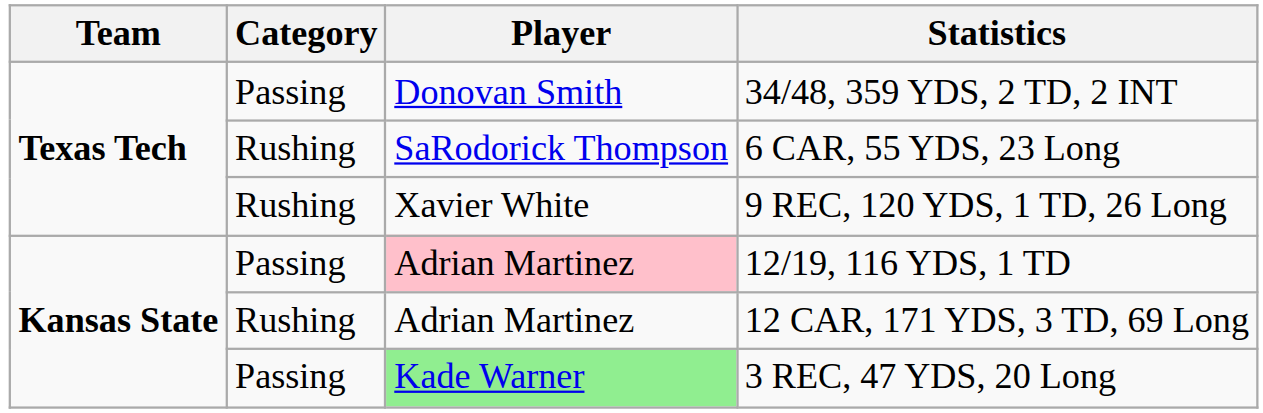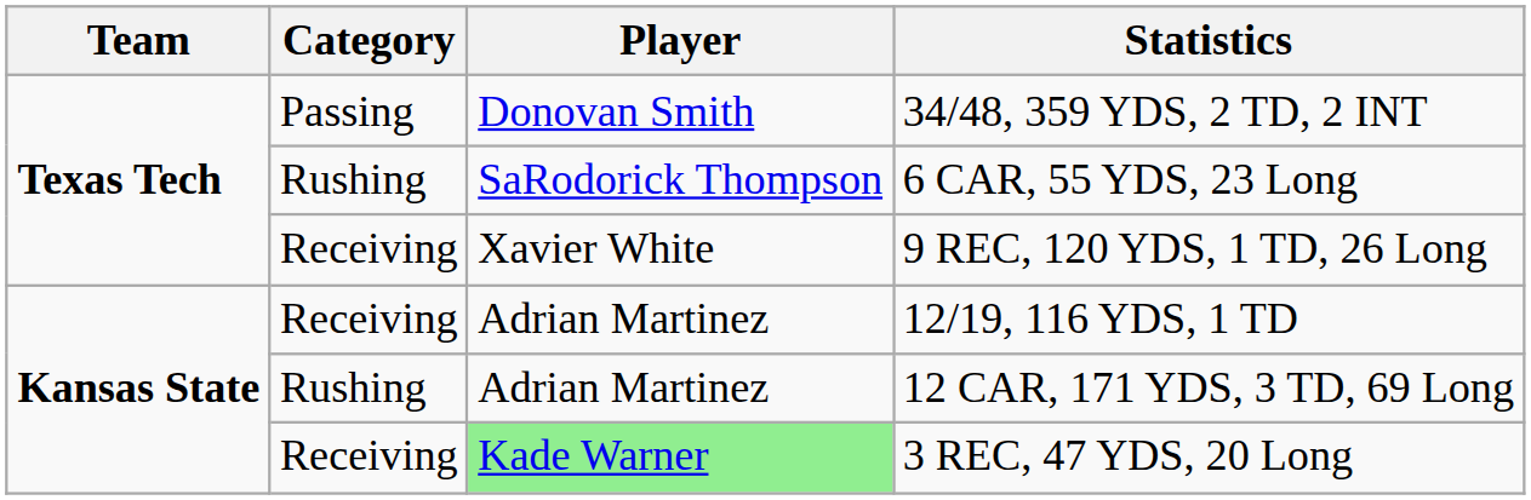 <table class="wikitable" style="float: right;">
 <tr>
 <th>Team</th>
 <th>Category</th>
 <th>Player</th>
 <th>Statistics</th>
 </tr>
 <tr>
 <td rowspan=3><strong>Texas Tech</strong></td>
 <td>Passing</td>
 <td><a href='#'>Donovan Smith</a></td>
 <td>34/48, 359 YDS, 2 TD, 2 INT</td>
 </tr>
 <tr>
 <td>Rushing</td>
 <td><a href='#'>SaRodorick Thompson</a></td>
 <td>6 CAR, 55 YDS, 23 Long</td>
 </tr>
 <tr>
-<td>Rushing</td>
+<td>Receiving</td>
 <td>Xavier White</td>
 <td>9 REC, 120 YDS, 1 TD, 26 Long</td>
 </tr>
 <tr>
 <td rowspan=3><strong>Kansas State</strong></td>
-<td>Passing</td>
-<td style="background: pink;">Adrian Martinez</td>
+<td>Receiving</td>
+<td>Adrian Martinez</td>
 <td>12/19, 116 YDS, 1 TD</td>
 </tr>
 <tr>
 <td>Rushing</td>
 <td>Adrian Martinez</td>
 <td>12 CAR, 171 YDS, 3 TD, 69 Long</td>
 </tr>
 <tr>
-<td>Passing</td>
+<td>Receiving</td>
 <td style="background: lightgreen;"><a href='#'>Kade Warner</a></td>
 <td>3 REC, 47 YDS, 20 Long</td>
 </tr>
 </table>
